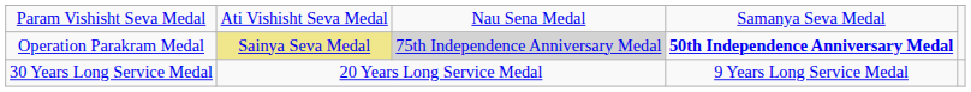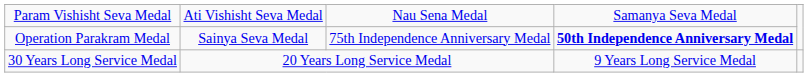 <table class="wikitable" style="margin:1em auto; text-align:center;">
 <tr>
 <td><a href='#'>Param Vishisht Seva Medal</a></td>
 <td><a href='#'>Ati Vishisht Seva Medal</a></td>
 <td><a href='#'>Nau Sena Medal</a></td>
 <td><a href='#'>Samanya Seva Medal</a></td>
 </tr>
 <tr>
 <td><a href='#'>Operation Parakram Medal</a></td>
-<td style="background: khaki;"><a href='#'>Sainya Seva Medal</a></td>
-<td style="background: lightgrey;"><a href='#'>75th Independence Anniversary Medal</a></td>
+<td><a href='#'>Sainya Seva Medal</a></td>
+<td><a href='#'>75th Independence Anniversary Medal</a></td>
 <td><strong><a href='#'>50th Independence Anniversary Medal</a></strong></td>
 </tr>
 <tr>
 <td><a href='#'>30 Years Long Service Medal</a></td>
 <td colspan=2><a href='#'>20 Years Long Service Medal</a></td>
 <td><a href='#'>9 Years Long Service Medal</a></td>
 <td></td>
 </tr>
 </table>
